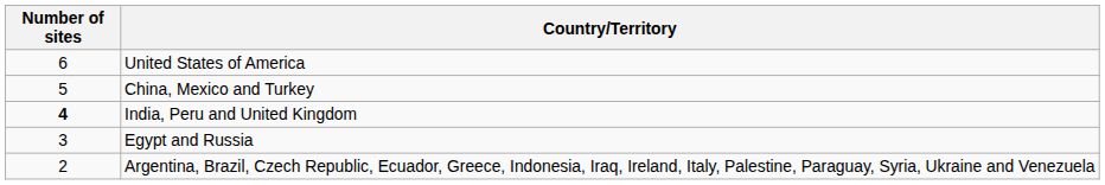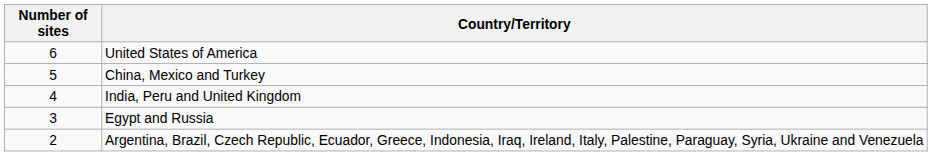 <table class="wikitable sortable" style="margin:0 1em 0 0; font-size:95%;">
 <tr style="background:#efefef;">
 <th style="width:100px;">Number of sites</th>
 <th>Country/Territory</th>
 </tr>
 <tr>
 <td style="text-align:center;">6</td>
 <td>United States of America</td>
 </tr>
 <tr>
 <td style="text-align:center;">5</td>
 <td>China, Mexico and Turkey</td>
 </tr>
 <tr>
-<td style="text-align:center;"><strong>4</strong></td>
+<td style="text-align:center;">4</td>
 <td>India, Peru and United Kingdom</td>
 </tr>
 <tr>
 <td style="text-align:center;">3</td>
 <td>Egypt and Russia</td>
 </tr>
 <tr>
 <td style="text-align:center;">2</td>
 <td>Argentina, Brazil, Czech Republic, Ecuador, Greece, Indonesia, Iraq, Ireland, Italy, Palestine, Paraguay, Syria, Ukraine and Venezuela</td>
 </tr>
 </table>
